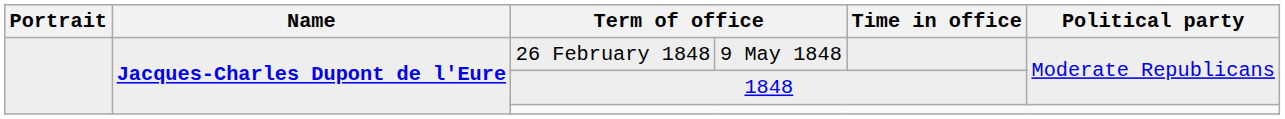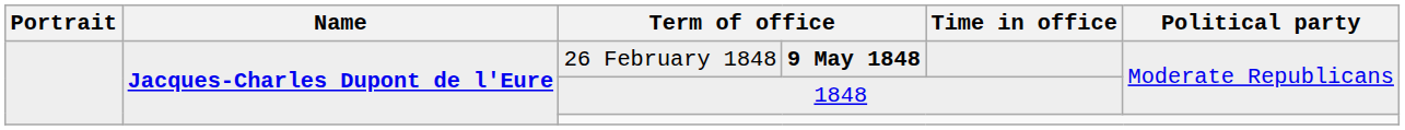 <table class="wikitable">
 <tr>
 <th>Portrait</th>
 <th>Name<br></th>
 <th colspan=2>Term of office</th>
 <th>Time in office</th>
 <th>Political party</th>
 </tr>
 <tr bgcolor=#EEEEEE>
 <td rowspan=3></td>
 <td rowspan=3 align=center><strong><a href='#'>Jacques-Charles Dupont de l'Eure</a></strong><br></td>
 <td>26 February 1848</td>
-<td>9 May 1848</td>
+<td><strong>9 May 1848</strong></td>
 <td></td>
 <td rowspan=2><a href='#'>Moderate Republicans</a></td>
 </tr>
 <tr bgcolor=#EEEEEE>
 <td colspan=3 align=center><a href='#'>1848</a></td>
 </tr>
 <tr>
 <td colspan=4></td>
 </tr>
 </table>
